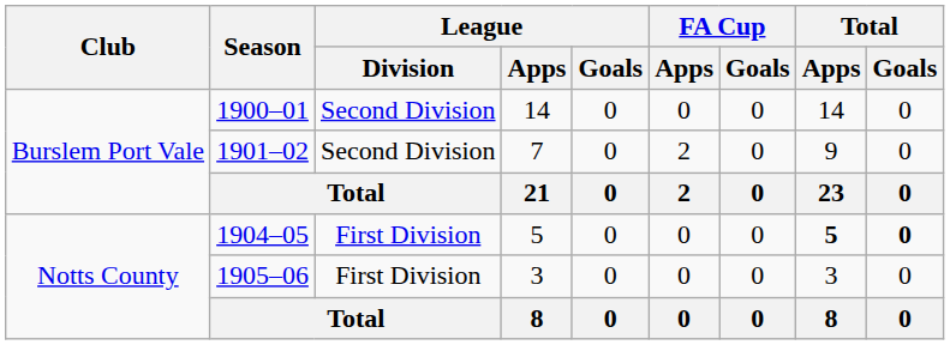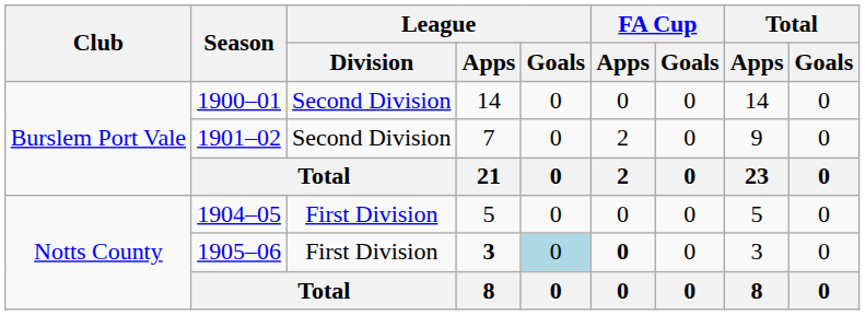 <table class="wikitable" style="text-align:center">
 <tr>
 <th rowspan="2">Club</th>
 <th rowspan="2">Season</th>
 <th colspan="3">League</th>
 <th colspan="2"><a href='#'>FA Cup</a></th>
 <th colspan="2">Total</th>
 </tr>
 <tr>
 <th>Division</th>
 <th>Apps</th>
 <th>Goals</th>
 <th>Apps</th>
 <th>Goals</th>
 <th>Apps</th>
 <th>Goals</th>
 </tr>
 <tr>
 <td rowspan="3"><a href='#'>Burslem Port Vale</a></td>
 <td><a href='#'>1900–01</a></td>
 <td><a href='#'>Second Division</a></td>
 <td>14</td>
 <td>0</td>
 <td>0</td>
 <td>0</td>
 <td>14</td>
 <td>0</td>
 </tr>
 <tr>
 <td><a href='#'>1901–02</a></td>
 <td>Second Division</td>
 <td>7</td>
 <td>0</td>
 <td>2</td>
 <td>0</td>
 <td>9</td>
 <td>0</td>
 </tr>
 <tr>
 <th colspan="2">Total</th>
 <th>21</th>
 <th>0</th>
 <th>2</th>
 <th>0</th>
 <th>23</th>
 <th>0</th>
 </tr>
 <tr>
 <td rowspan="3"><a href='#'>Notts County</a></td>
 <td><a href='#'>1904–05</a></td>
 <td><a href='#'>First Division</a></td>
 <td>5</td>
 <td>0</td>
 <td>0</td>
 <td>0</td>
-<td><strong>5</strong></td>
-<td><strong>0</strong></td>
+<td>5</td>
+<td>0</td>
 </tr>
 <tr>
 <td><a href='#'>1905–06</a></td>
 <td>First Division</td>
-<td>3</td>
-<td>0</td>
-<td>0</td>
+<td><strong>3</strong></td>
+<td style="background: lightblue;">0</td>
+<td><strong>0</strong></td>
 <td>0</td>
 <td>3</td>
 <td>0</td>
 </tr>
 <tr>
 <th colspan="2">Total</th>
 <th>8</th>
 <th>0</th>
 <th>0</th>
 <th>0</th>
 <th>8</th>
 <th>0</th>
 </tr>
 </table>
